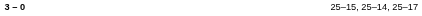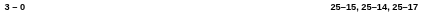 <table width=100% cellspacing=1>
 <tr>
 <th width=20%></th>
 <th width=12%></th>
 <th width=20%></th>
 <th width=33%></th>
 <td></td>
 </tr>
 <tr style=font-size:95%>
 <td align=right><strong></strong></td>
 <td align=center><strong>3 – 0</strong></td>
 <td></td>
-<td>25–15, 25–14, 25–17</td>
+<td><strong>25–15, 25–14, 25–17</strong></td>
 </tr>
 </table>
